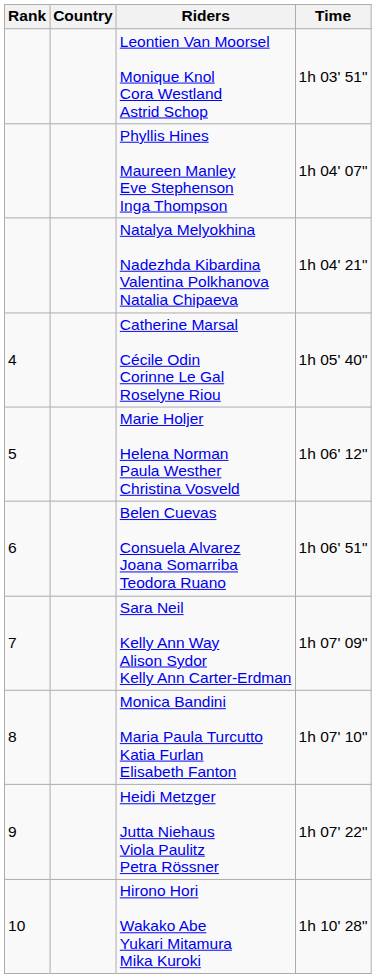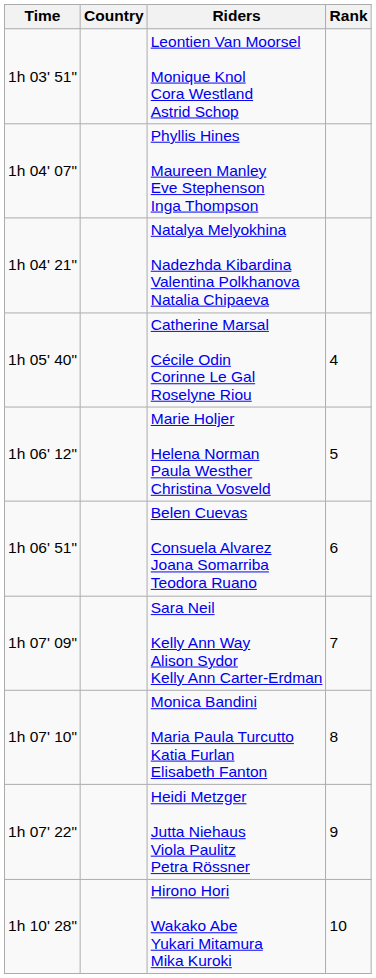 <table class="wikitable" text-align:center;">
 <tr>
-<th>Rank</th>
+<th>Time</th>
 <th>Country</th>
 <th>Riders</th>
-<th>Time</th>
+<th>Rank</th>
 </tr>
 <tr>
-<td></td>
+<td>1h 03' 51"</td>
 <td align="left"><strong></strong></td>
 <td><a href='#'>Leontien Van Moorsel</a><br><br><a href='#'>Monique Knol</a><br> <a href='#'>Cora Westland</a><br> <a href='#'>Astrid Schop</a></td>
-<td>1h 03' 51"</td>
+<td></td>
 </tr>
 <tr>
-<td></td>
+<td>1h 04' 07"</td>
 <td align="left"><strong></strong></td>
 <td><a href='#'>Phyllis Hines</a><br><br><a href='#'>Maureen Manley</a><br> <a href='#'>Eve Stephenson</a><br> <a href='#'>Inga Thompson</a></td>
-<td>1h 04' 07"</td>
+<td></td>
 </tr>
 <tr>
-<td></td>
+<td>1h 04' 21"</td>
 <td align="left"><strong></strong></td>
 <td><a href='#'>Natalya Melyokhina</a><br><br><a href='#'>Nadezhda Kibardina</a><br> <a href='#'>Valentina Polkhanova</a><br> <a href='#'>Natalia Chipaeva</a></td>
-<td>1h 04' 21"</td>
+<td></td>
 </tr>
 <tr>
-<td>4</td>
+<td>1h 05' 40"</td>
 <td align="left"><strong></strong></td>
 <td><a href='#'>Catherine Marsal</a><br><br><a href='#'>Cécile Odin</a><br> <a href='#'>Corinne Le Gal</a><br> <a href='#'>Roselyne Riou</a></td>
-<td>1h 05' 40"</td>
+<td>4</td>
 </tr>
 <tr>
-<td>5</td>
+<td>1h 06' 12"</td>
 <td align="left"><strong></strong></td>
 <td><a href='#'>Marie Holjer</a><br><br><a href='#'>Helena Norman</a><br> <a href='#'>Paula Westher</a><br> <a href='#'>Christina Vosveld</a></td>
-<td>1h 06' 12"</td>
+<td>5</td>
 </tr>
 <tr>
-<td>6</td>
+<td>1h 06' 51"</td>
 <td align="left"><strong></strong></td>
 <td><a href='#'>Belen Cuevas</a><br><br><a href='#'>Consuela Alvarez</a><br> <a href='#'>Joana Somarriba</a><br> <a href='#'>Teodora Ruano</a></td>
-<td>1h 06' 51"</td>
+<td>6</td>
 </tr>
 <tr>
-<td>7</td>
+<td>1h 07' 09"</td>
 <td align="left"><strong></strong></td>
 <td><a href='#'>Sara Neil</a><br><br><a href='#'>Kelly Ann Way</a><br> <a href='#'>Alison Sydor</a><br> <a href='#'>Kelly Ann Carter-Erdman</a></td>
-<td>1h 07' 09"</td>
+<td>7</td>
 </tr>
 <tr>
-<td>8</td>
+<td>1h 07' 10"</td>
 <td align="left"><strong></strong></td>
 <td><a href='#'>Monica Bandini</a><br><br><a href='#'>Maria Paula Turcutto</a><br> <a href='#'>Katia Furlan</a><br> <a href='#'>Elisabeth Fanton</a></td>
-<td>1h 07' 10"</td>
+<td>8</td>
 </tr>
 <tr>
-<td>9</td>
+<td>1h 07' 22"</td>
 <td align="left"><strong></strong></td>
 <td><a href='#'>Heidi Metzger</a><br><br><a href='#'>Jutta Niehaus</a><br> <a href='#'>Viola Paulitz</a><br> <a href='#'>Petra Rössner</a></td>
-<td>1h 07' 22"</td>
+<td>9</td>
 </tr>
 <tr>
-<td>10</td>
+<td>1h 10' 28"</td>
 <td align="left"><strong></strong></td>
 <td><a href='#'>Hirono Hori</a><br><br><a href='#'>Wakako Abe</a><br> <a href='#'>Yukari Mitamura</a><br> <a href='#'>Mika Kuroki</a></td>
-<td>1h 10' 28"</td>
+<td>10</td>
 </tr>
 </table>
